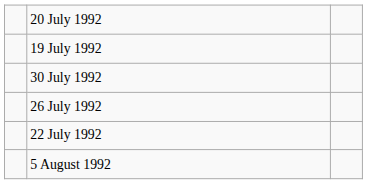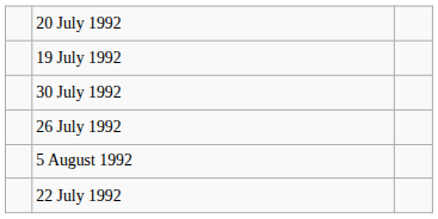 <table class="wikitable" style="font-size: 89%; float: left; width: 26em; margin-right: 1em; height: 180px;">
 <tr>
 <td></td>
 <td>20 July 1992</td>
 <td> </td>
 </tr>
 <tr>
 <td></td>
 <td>19 July 1992</td>
 <td> </td>
 </tr>
 <tr>
 <td></td>
 <td>30 July 1992</td>
 <td> </td>
 </tr>
 <tr>
 <td></td>
 <td>26 July 1992</td>
 <td> </td>
 </tr>
 <tr>
 <td></td>
-<td>22 July 1992</td>
+<td>5 August 1992</td>
 <td> </td>
 </tr>
 <tr>
 <td></td>
-<td>5 August 1992</td>
+<td>22 July 1992</td>
 <td> </td>
 </tr>
 </table>
